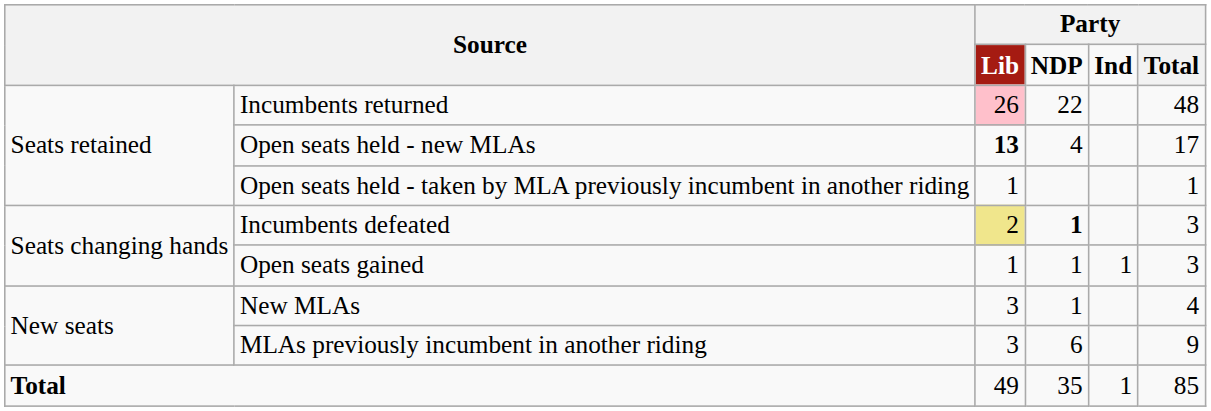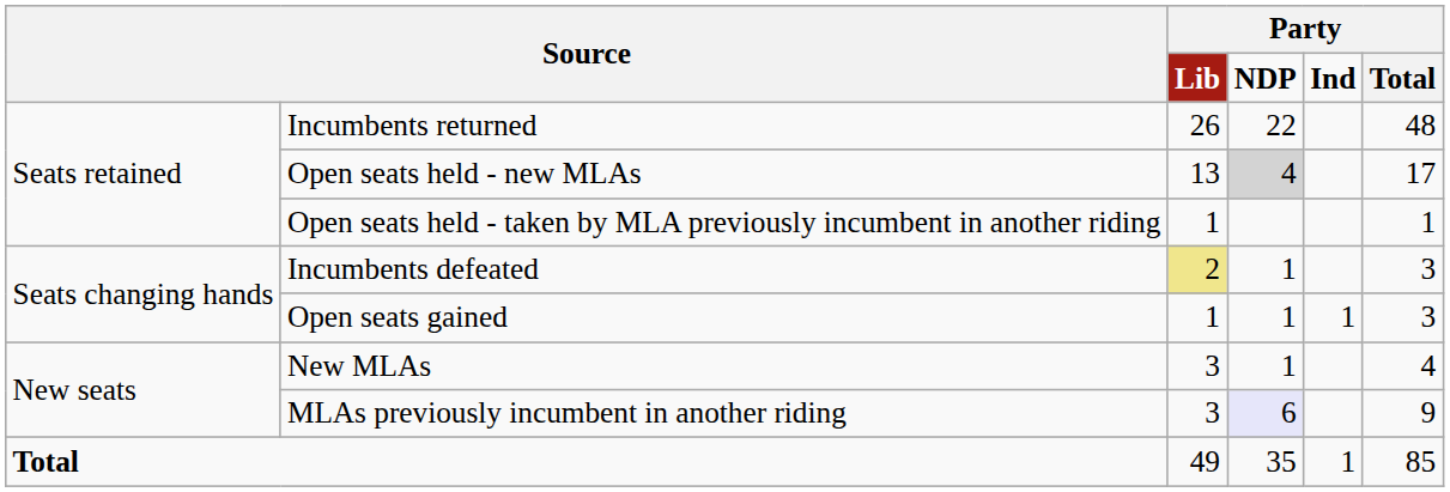 <table class="wikitable" style="text-align:right;">
 <tr>
 <th colspan="2" rowspan="2">Source</th>
 <th colspan="4">Party</th>
 </tr>
 <tr>
 <td style="background: #A51B12; color: white" align="center"><strong>Lib</strong></td>
 <td><strong>NDP</strong></td>
 <td><strong>Ind</strong></td>
 <th>Total</th>
 </tr>
 <tr>
 <td rowspan="3" style="text-align:left;">Seats retained</td>
 <td style="text-align:left;">Incumbents returned</td>
-<td style="background: pink;">26</td>
+<td>26</td>
 <td>22</td>
 <td></td>
 <td>48</td>
 </tr>
 <tr>
 <td style="text-align:left;">Open seats held - new MLAs</td>
-<td><strong>13</strong></td>
-<td>4</td>
+<td>13</td>
+<td style="background: lightgrey;">4</td>
 <td></td>
 <td>17</td>
 </tr>
 <tr>
 <td style="text-align:left;">Open seats held - taken by MLA previously incumbent in another riding</td>
 <td>1</td>
 <td></td>
 <td></td>
 <td>1</td>
 </tr>
 <tr>
 <td rowspan="2" style="text-align:left;">Seats changing hands</td>
 <td style="text-align:left;">Incumbents defeated</td>
 <td style="background: khaki;">2</td>
-<td><strong>1</strong></td>
+<td>1</td>
 <td></td>
 <td>3</td>
 </tr>
 <tr>
 <td style="text-align:left;">Open seats gained</td>
 <td>1</td>
 <td>1</td>
 <td>1</td>
 <td>3</td>
 </tr>
 <tr>
 <td rowspan="2" style="text-align:left;">New seats</td>
 <td style="text-align:left;">New MLAs</td>
 <td>3</td>
 <td>1</td>
 <td></td>
 <td>4</td>
 </tr>
 <tr>
 <td style="text-align:left;">MLAs previously incumbent in another riding</td>
 <td>3</td>
-<td>6</td>
+<td style="background: lavender;">6</td>
 <td></td>
 <td>9</td>
 </tr>
 <tr>
 <td colspan="2" style="text-align:left;"><strong>Total</strong></td>
 <td>49</td>
 <td>35</td>
 <td>1</td>
 <td>85</td>
 </tr>
 </table>
